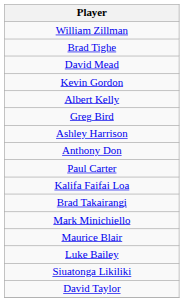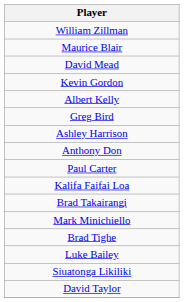 <table class="wikitable" style="text-align: center;">
 <tr>
 <th style="width:250px;">Player</th>
 </tr>
 <tr>
 <td><a href='#'>William Zillman</a></td>
 </tr>
 <tr>
-<td><a href='#'>Brad Tighe</a></td>
+<td><a href='#'>Maurice Blair</a></td>
 </tr>
 <tr>
 <td><a href='#'>David Mead</a></td>
 </tr>
 <tr>
 <td><a href='#'>Kevin Gordon</a></td>
 </tr>
 <tr>
 <td><a href='#'>Albert Kelly</a></td>
 </tr>
 <tr>
 <td><a href='#'>Greg Bird</a></td>
 </tr>
 <tr>
 <td><a href='#'>Ashley Harrison</a></td>
 </tr>
 <tr>
 <td><a href='#'>Anthony Don</a></td>
 </tr>
 <tr>
 <td><a href='#'>Paul Carter</a></td>
 </tr>
 <tr>
 <td><a href='#'>Kalifa Faifai Loa</a></td>
 </tr>
 <tr>
 <td><a href='#'>Brad Takairangi</a></td>
 </tr>
 <tr>
 <td><a href='#'>Mark Minichiello</a></td>
 </tr>
 <tr>
-<td><a href='#'>Maurice Blair</a></td>
+<td><a href='#'>Brad Tighe</a></td>
 </tr>
 <tr>
 <td><a href='#'>Luke Bailey</a></td>
 </tr>
 <tr>
 <td><a href='#'>Siuatonga Likiliki</a></td>
 </tr>
 <tr>
 <td><a href='#'>David Taylor</a></td>
 </tr>
 <tr>
 </tr>
 </table>
